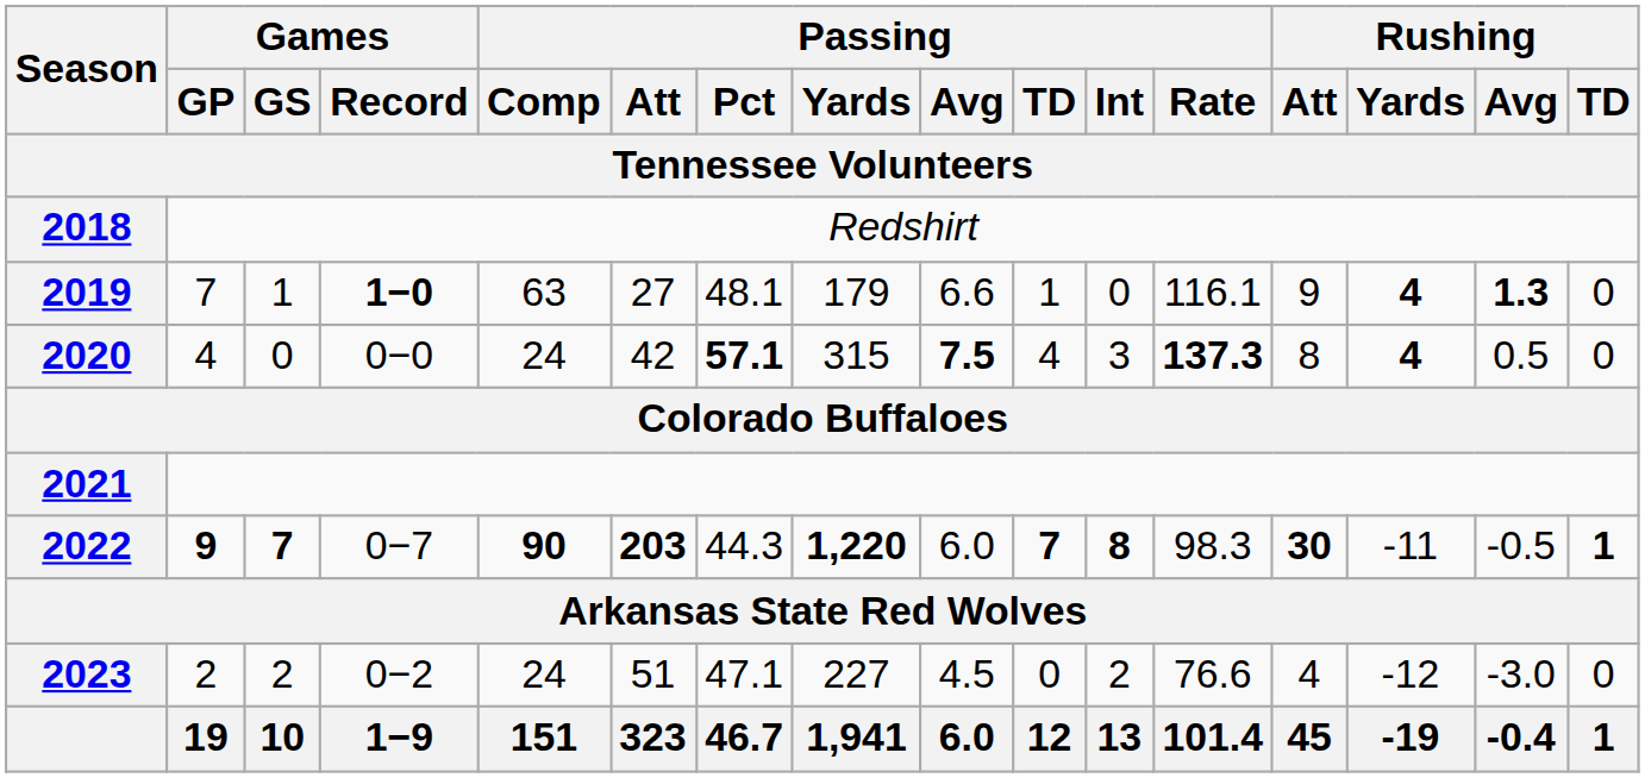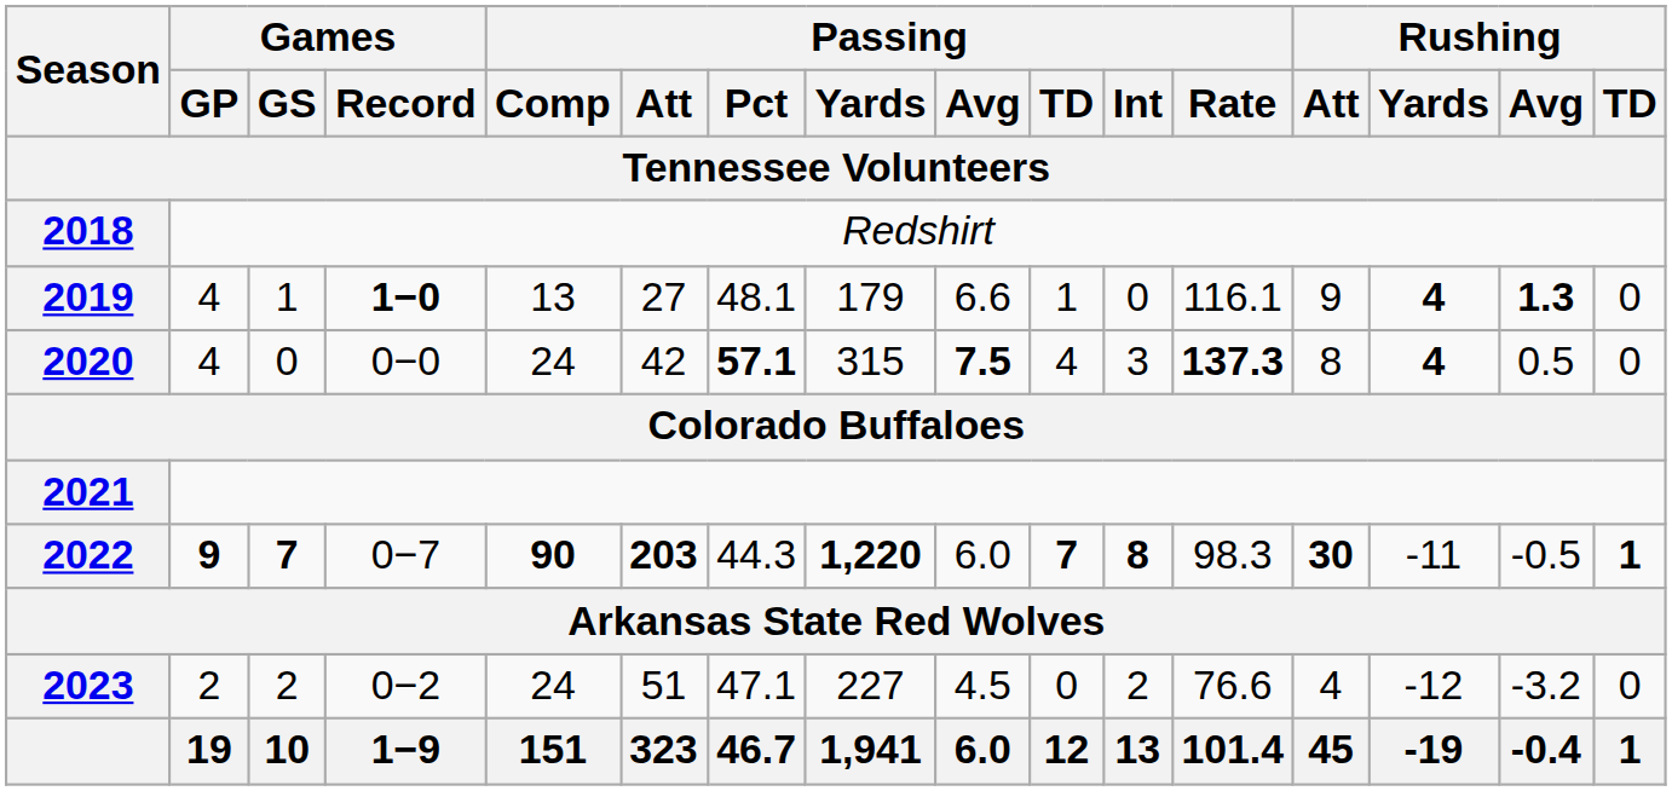 <table class="wikitable" style="text-align:center;">
 <tr>
 <th rowspan="2">Season</th>
 <th colspan="3">Games</th>
 <th colspan="8">Passing</th>
 <th colspan="5">Rushing</th>
 </tr>
 <tr>
 <th>GP</th>
 <th>GS</th>
 <th>Record</th>
 <th>Comp</th>
 <th>Att</th>
 <th>Pct</th>
 <th>Yards</th>
 <th>Avg</th>
 <th>TD</th>
 <th>Int</th>
 <th>Rate</th>
 <th>Att</th>
 <th>Yards</th>
 <th>Avg</th>
 <th>TD</th>
 </tr>
 <tr>
 <th colspan="16">Tennessee Volunteers</th>
 </tr>
 <tr>
 <th><a href='#'>2018</a></th>
 <td colspan="15"><em>Redshirt </em></td>
 </tr>
 <tr>
 <th><a href='#'>2019</a></th>
-<td>7</td>
+<td>4</td>
 <td>1</td>
 <td><strong>1−0</strong></td>
-<td>63</td>
+<td>13</td>
 <td>27</td>
 <td>48.1</td>
 <td>179</td>
 <td>6.6</td>
 <td>1</td>
 <td>0</td>
 <td>116.1</td>
 <td>9</td>
 <td><strong>4</strong></td>
 <td><strong>1.3</strong></td>
 <td>0</td>
 </tr>
 <tr>
 <th><a href='#'>2020</a></th>
 <td>4</td>
 <td>0</td>
 <td>0−0</td>
 <td>24</td>
 <td>42</td>
 <td><strong>57.1</strong></td>
 <td>315</td>
 <td><strong>7.5</strong></td>
 <td>4</td>
 <td>3</td>
 <td><strong>137.3</strong></td>
 <td>8</td>
 <td><strong>4</strong></td>
 <td>0.5</td>
 <td>0</td>
 </tr>
 <tr>
 <th colspan="16">Colorado Buffaloes</th>
 </tr>
 <tr>
 <th><a href='#'>2021</a></th>
 <td colspan="15"></td>
 </tr>
 <tr>
 <th><a href='#'>2022</a></th>
 <td><strong>9</strong></td>
 <td><strong>7</strong></td>
 <td>0−7</td>
 <td><strong>90</strong></td>
 <td><strong>203</strong></td>
 <td>44.3</td>
 <td><strong>1,220</strong></td>
 <td>6.0</td>
 <td><strong>7</strong></td>
 <td><strong>8</strong></td>
 <td>98.3</td>
 <td><strong>30</strong></td>
 <td>-11</td>
 <td>-0.5</td>
 <td><strong>1</strong></td>
 </tr>
 <tr>
 <th colspan="16">Arkansas State Red Wolves</th>
 </tr>
 <tr>
 <th><a href='#'>2023</a></th>
 <td>2</td>
 <td>2</td>
 <td>0−2</td>
 <td>24</td>
 <td>51</td>
 <td>47.1</td>
 <td>227</td>
 <td>4.5</td>
 <td>0</td>
 <td>2</td>
 <td>76.6</td>
 <td>4</td>
 <td>-12</td>
-<td>-3.0</td>
+<td>-3.2</td>
 <td>0</td>
 </tr>
 <tr>
 <th></th>
 <th>19</th>
 <th>10</th>
 <th>1−9</th>
 <th>151</th>
 <th>323</th>
 <th>46.7</th>
 <th>1,941</th>
 <th>6.0</th>
 <th>12</th>
 <th>13</th>
 <th>101.4</th>
 <th>45</th>
 <th>-19</th>
 <th>-0.4</th>
 <th>1</th>
 </tr>
 </table>
